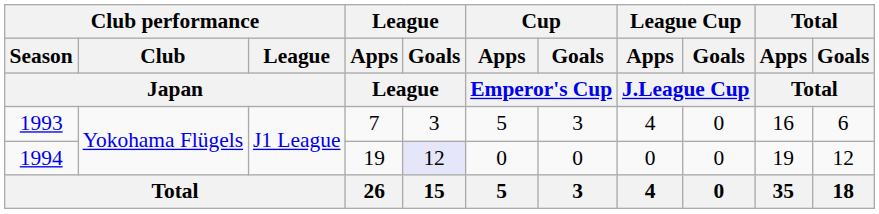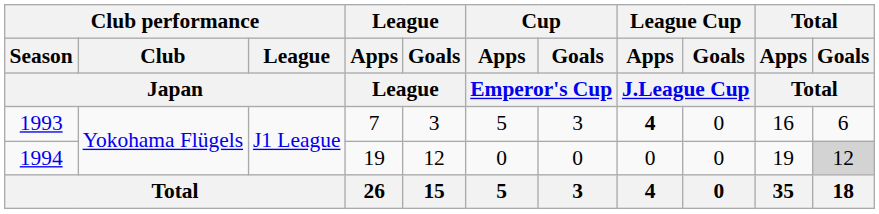 <table class="wikitable" style="text-align:center;">
 <tr>
 <th colspan=3>Club performance</th>
 <th colspan=2>League</th>
 <th colspan=2>Cup</th>
 <th colspan=2>League Cup</th>
 <th colspan=2>Total</th>
 </tr>
 <tr>
 <th>Season</th>
 <th>Club</th>
 <th>League</th>
 <th>Apps</th>
 <th>Goals</th>
 <th>Apps</th>
 <th>Goals</th>
 <th>Apps</th>
 <th>Goals</th>
 <th>Apps</th>
 <th>Goals</th>
 </tr>
 <tr>
 <th colspan=3>Japan</th>
 <th colspan=2>League</th>
 <th colspan=2><a href='#'>Emperor's Cup</a></th>
 <th colspan=2><a href='#'>J.League Cup</a></th>
 <th colspan=2>Total</th>
 </tr>
 <tr>
 <td><a href='#'>1993</a></td>
 <td rowspan="2"><a href='#'>Yokohama Flügels</a></td>
 <td rowspan="2"><a href='#'>J1 League</a></td>
 <td>7</td>
 <td>3</td>
 <td>5</td>
 <td>3</td>
-<td>4</td>
+<td><strong>4</strong></td>
 <td>0</td>
 <td>16</td>
 <td>6</td>
 </tr>
 <tr>
 <td><a href='#'>1994</a></td>
 <td>19</td>
-<td style="background: lavender;">12</td>
+<td>12</td>
 <td>0</td>
 <td>0</td>
 <td>0</td>
 <td>0</td>
 <td>19</td>
-<td>12</td>
+<td style="background: lightgrey;">12</td>
 </tr>
 <tr>
 <th colspan=3>Total</th>
 <th>26</th>
 <th>15</th>
 <th>5</th>
 <th>3</th>
 <th>4</th>
 <th>0</th>
 <th>35</th>
 <th>18</th>
 </tr>
 </table>
